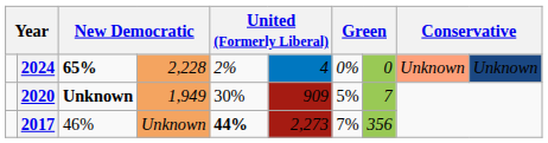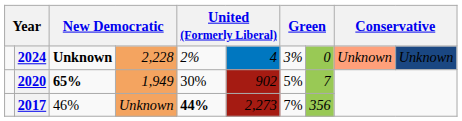 <table class="wikitable" style="float:right; width:400; font-size:90%; margin-left:1em;">
 <tr>
 <th colspan="2" scope="col">Year</th>
 <th colspan="2" scope="col"><a href='#'>New Democratic</a></th>
 <th colspan="2" scope="col"><a href='#'>United<br><small>(Formerly Liberal)</small></a></th>
 <th colspan="2" scope="col"><a href='#'>Green</a></th>
 <th colspan="2" scope="col"><a href='#'>Conservative</a></th>
 </tr>
 <tr>
 <td style="width: 0.25em; background-color: "></td>
 <th><a href='#'>2024</a></th>
-<td><strong>65%</strong></td>
+<td><strong>Unknown</strong></td>
 <td style="text-align:right; background:#F4A460;"><em>2,228</em></td>
 <td><span> <em>2%</em></span></td>
 <td style="text-align:right; background:#0077C0;"><span> <em>4</em></span></td>
-<td><em>0%</em></td>
+<td><em>3%</em></td>
 <td style="text-align:right; background:#99C955;"><em>0</em></td>
 <td style="background: lightsalmon;"><em>Unknown</em></td>
 <td style="text-align:right; background:#1A4782;"><em>Unknown</em></td>
 </tr>
 <tr>
 <td style="width: 0.25em; background-color: "></td>
 <th><a href='#'>2020</a></th>
-<td><strong>Unknown</strong></td>
+<td><strong>65%</strong></td>
 <td style="text-align:right; background:#F4A460;"><em>1,949</em></td>
 <td><span> 30%</span></td>
-<td style="text-align:right; background:#A51B12;"><span> <em>909</em></span></td>
+<td style="text-align:right; background:#A51B12;"><span> <em>902</em></span></td>
 <td>5%</td>
 <td style="text-align:right; background:#99C955;"><em>7</em></td>
 </tr>
 <tr>
 <td style="width: 0.25em; background-color: "></td>
 <th><a href='#'>2017</a></th>
 <td>46%</td>
 <td style="text-align:right; background:#F4A460;"><em>Unknown</em></td>
 <td><span> <strong>44%</strong></span></td>
 <td style="text-align:right; background:#A51B12;"><span> <em>2,273</em></span></td>
 <td>7%</td>
 <td style="text-align:right; background:#99C955;"><em>356</em></td>
 </tr>
 </table>
